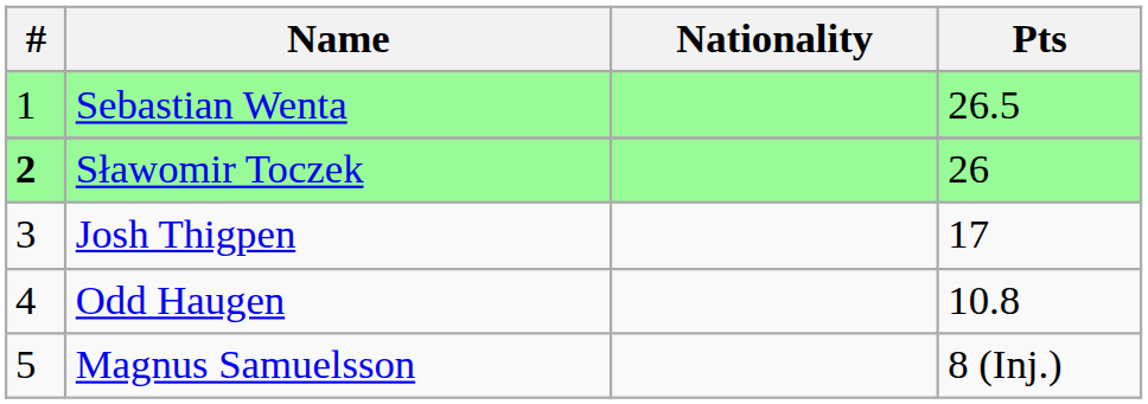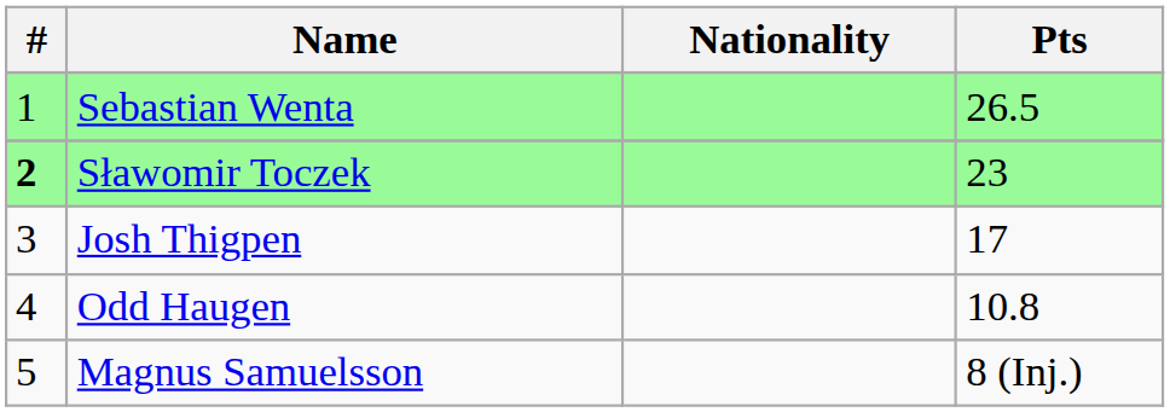 <table class="wikitable" style="display: inline-table; width: 50%;">
 <tr>
 <th>#</th>
 <th>Name</th>
 <th>Nationality</th>
 <th>Pts</th>
 </tr>
 <tr>
 </tr>
 <tr style="background:palegreen">
 <td>1</td>
 <td><a href='#'>Sebastian Wenta</a></td>
 <td></td>
 <td>26.5</td>
 </tr>
 <tr>
 </tr>
 <tr style="background:palegreen">
 <td><strong>2</strong></td>
 <td><a href='#'>Sławomir Toczek</a></td>
 <td></td>
-<td>26</td>
+<td>23</td>
 </tr>
 <tr>
 <td>3</td>
 <td><a href='#'>Josh Thigpen</a></td>
 <td></td>
 <td>17</td>
 </tr>
 <tr>
 <td>4</td>
 <td><a href='#'>Odd Haugen</a></td>
 <td></td>
 <td>10.8</td>
 </tr>
 <tr>
 <td>5</td>
 <td><a href='#'>Magnus Samuelsson</a></td>
 <td></td>
 <td>8 (Inj.)</td>
 </tr>
 </table>
